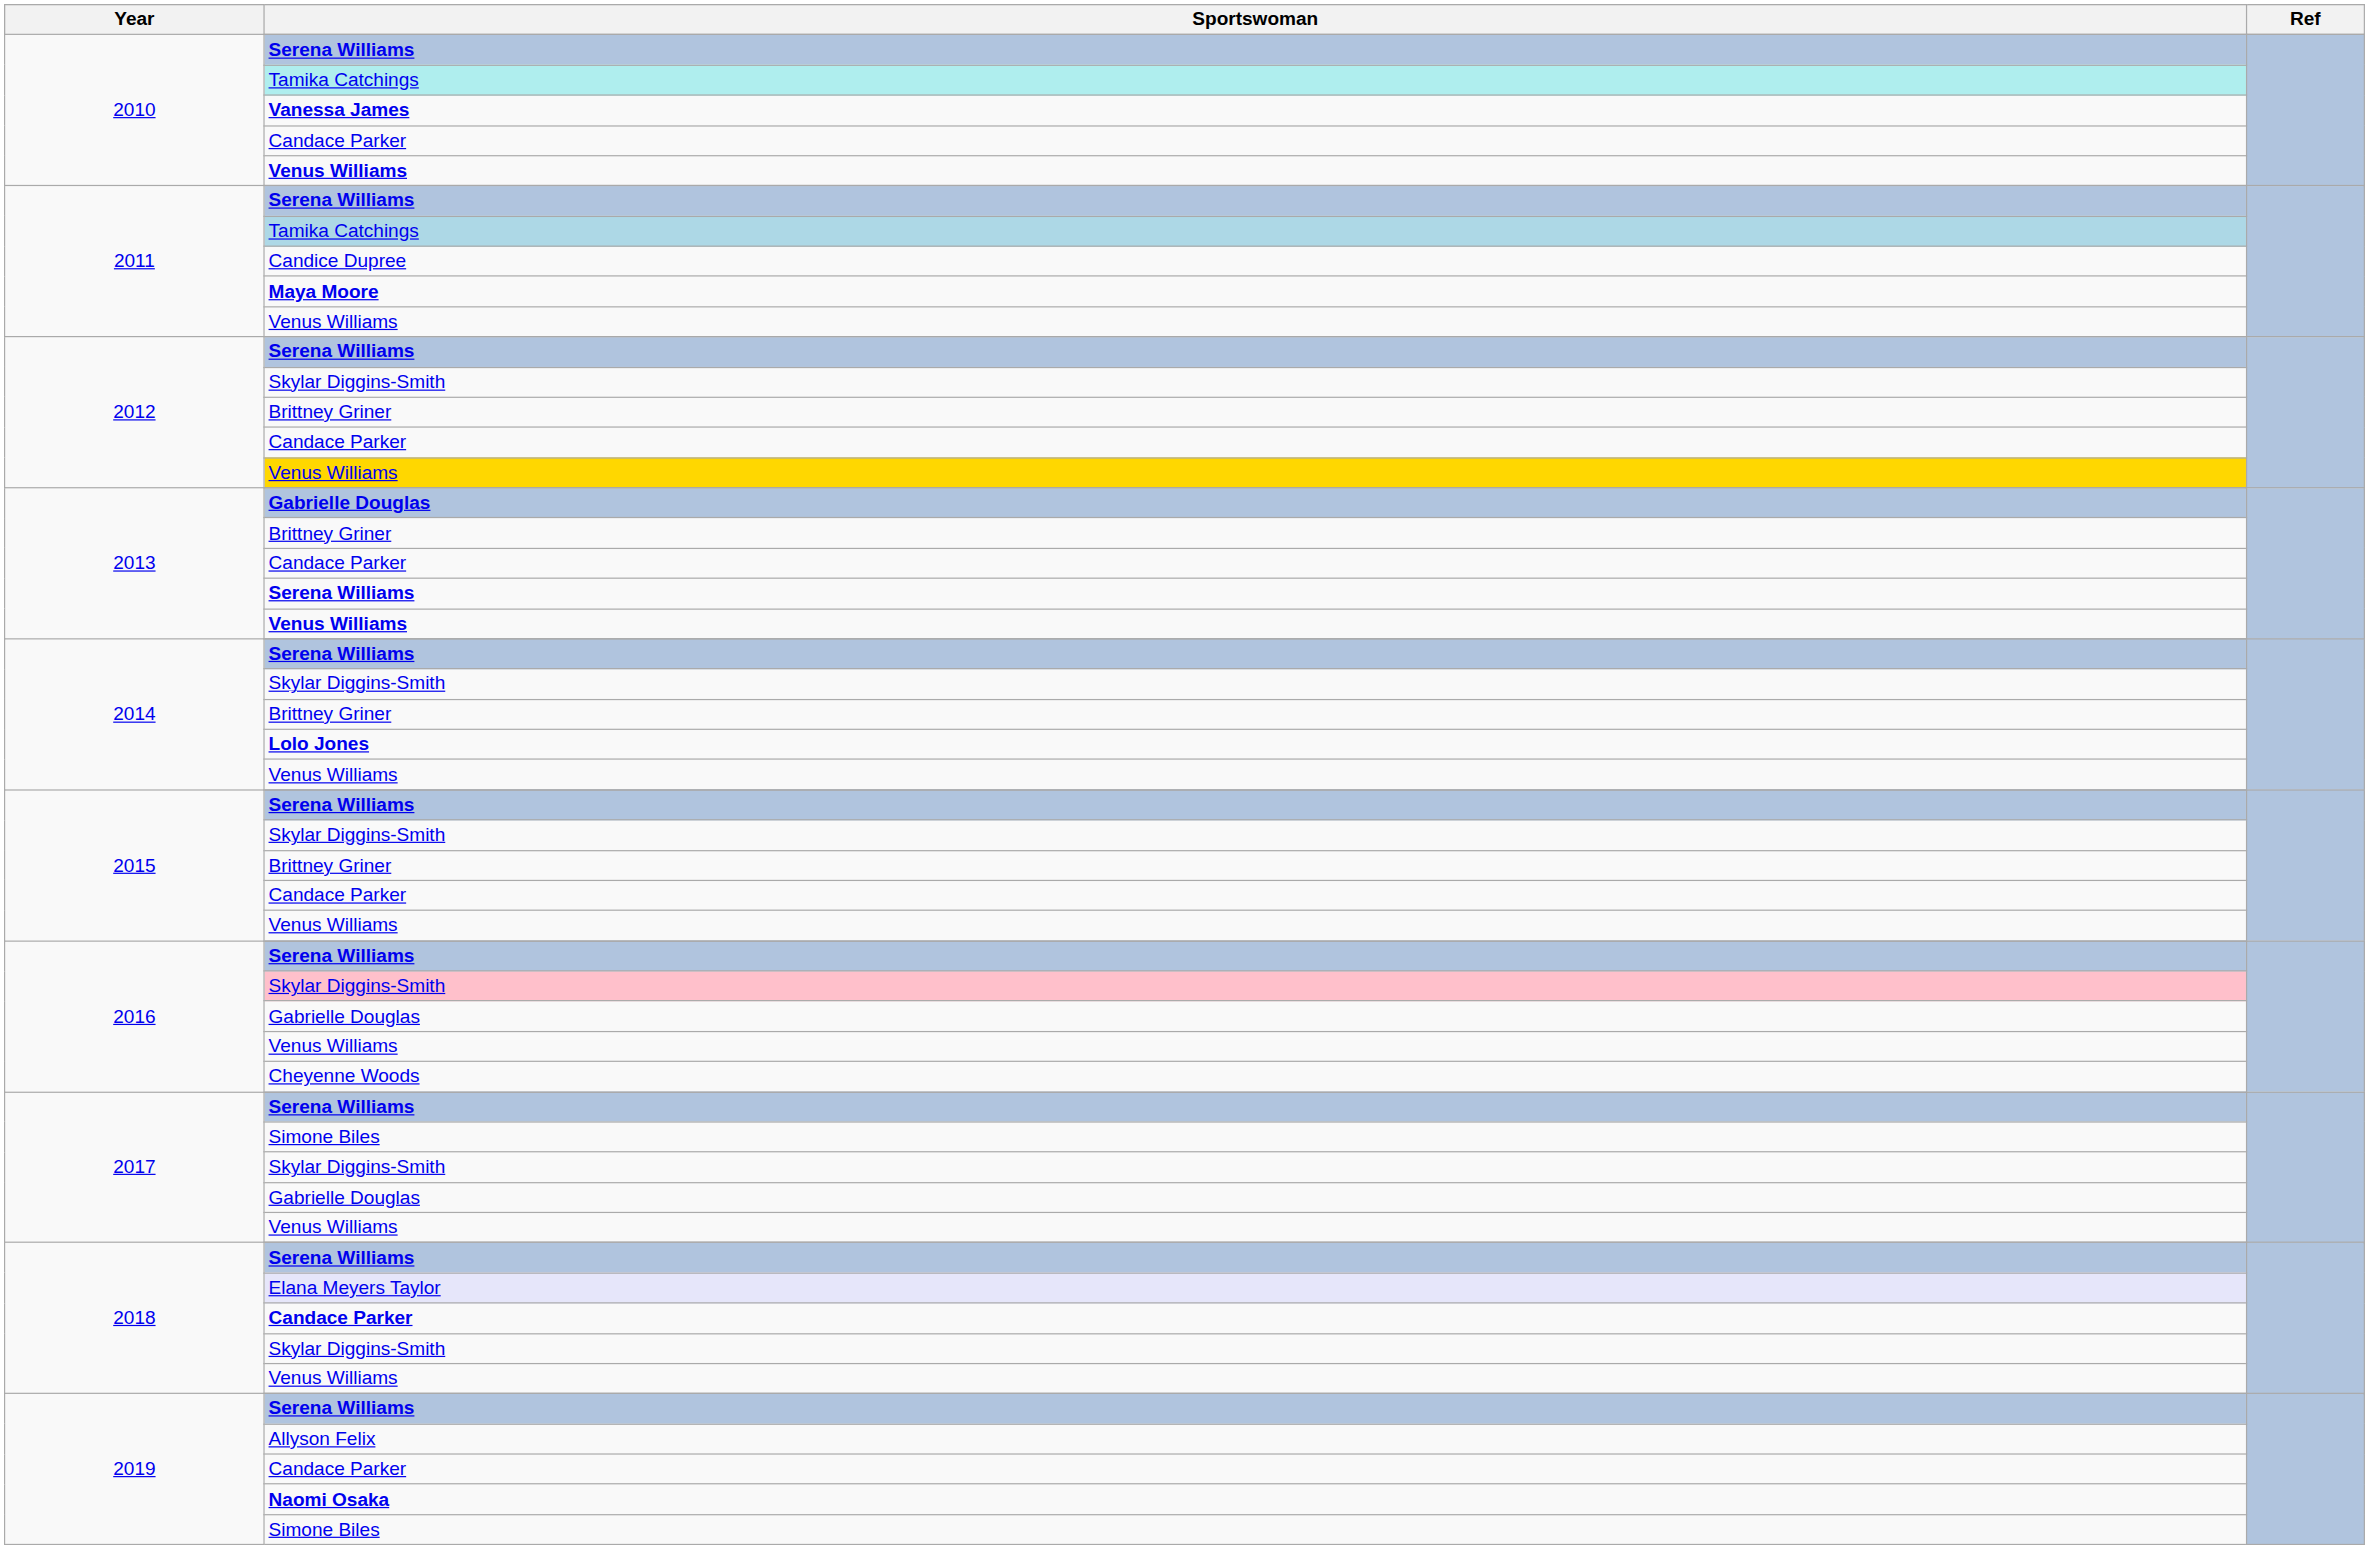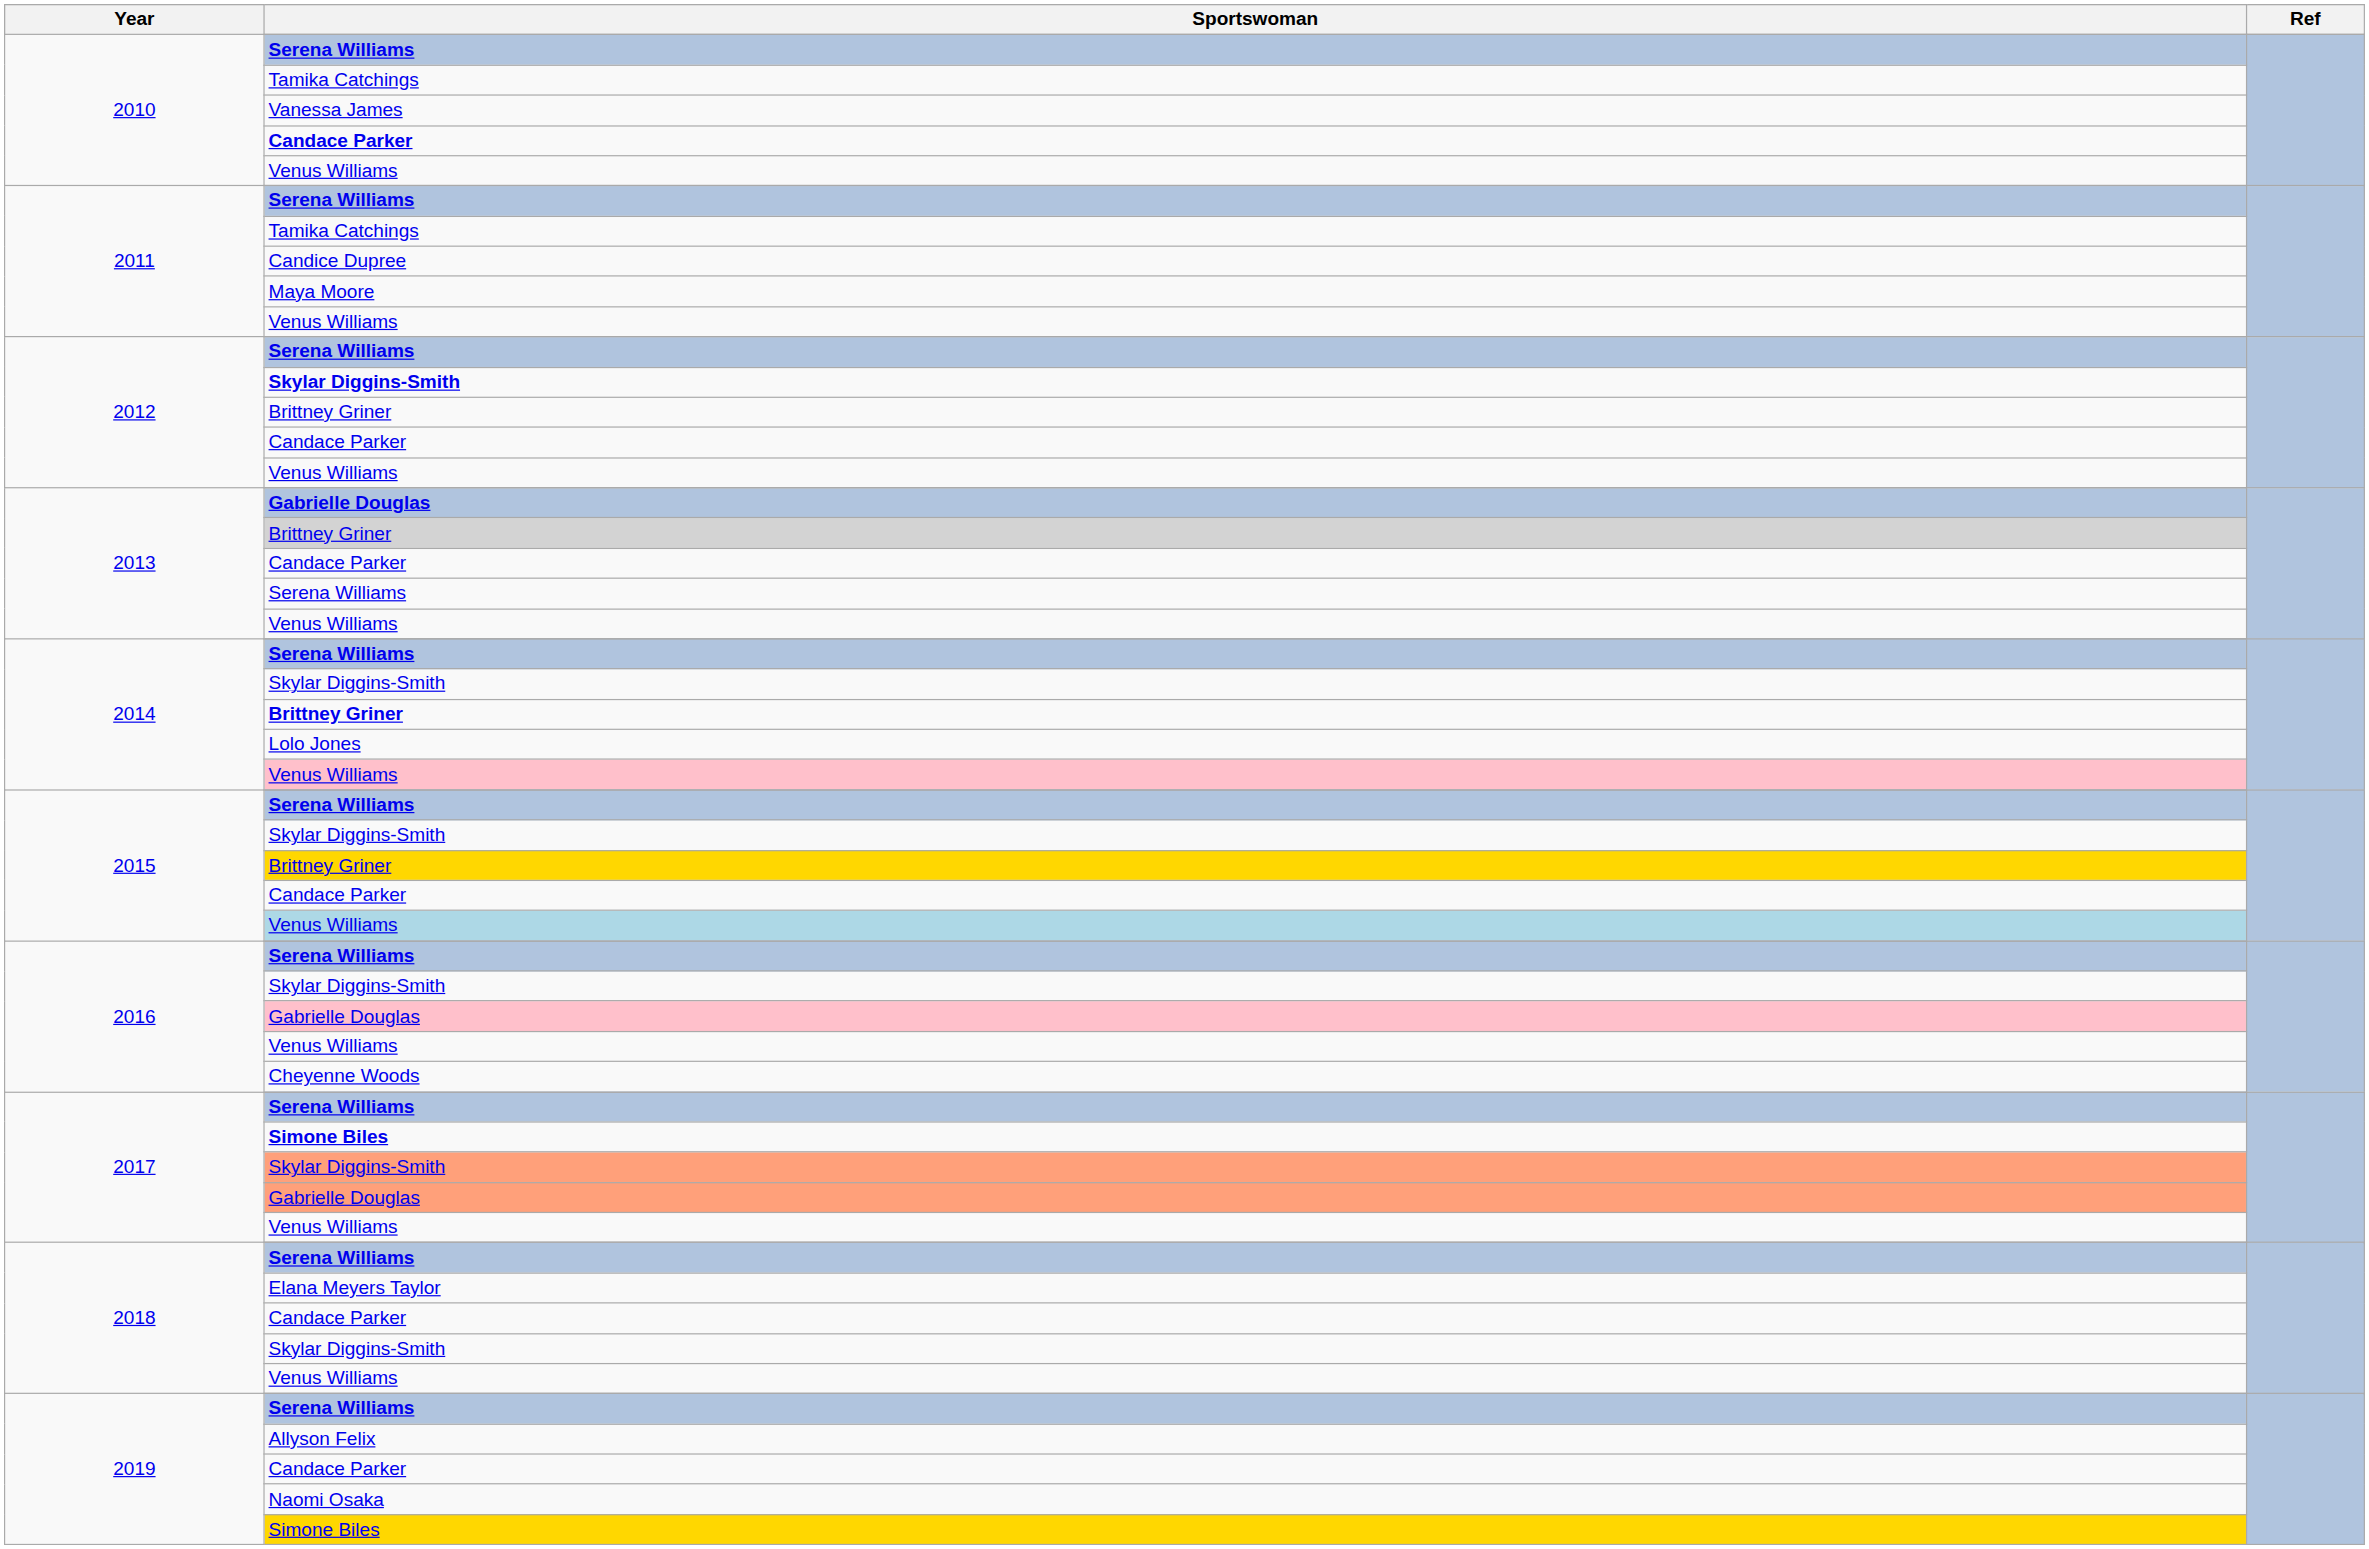 <table class="wikitable" style="width:100%;">
 <tr style="background:#bebebe;">
 <th style="width:11%;">Year</th>
 <th style="width:84%;">Sportswoman</th>
 <th style="width:5%;">Ref</th>
 </tr>
 <tr>
 <td rowspan="6" align="center"><a href='#'>2010</a></td>
 </tr>
 <tr style="background:#B0C4DE">
 <td><strong><a href='#'>Serena Williams</a></strong></td>
 <td rowspan="6" align="center"></td>
 </tr>
 <tr>
-<td style="background: paleturquoise;"><a href='#'>Tamika Catchings</a></td>
+<td><a href='#'>Tamika Catchings</a></td>
 </tr>
 <tr>
-<td><strong><a href='#'>Vanessa James</a></strong></td>
+<td><a href='#'>Vanessa James</a></td>
 </tr>
 <tr>
-<td><a href='#'>Candace Parker</a></td>
+<td><strong><a href='#'>Candace Parker</a></strong></td>
 </tr>
 <tr>
-<td><strong><a href='#'>Venus Williams</a></strong></td>
+<td><a href='#'>Venus Williams</a></td>
 </tr>
 <tr>
 <td rowspan="6" align="center"><a href='#'>2011</a></td>
 </tr>
 <tr style="background:#B0C4DE">
 <td><strong><a href='#'>Serena Williams</a></strong></td>
 <td rowspan="6" align="center"></td>
 </tr>
 <tr>
-<td style="background: lightblue;"><a href='#'>Tamika Catchings</a></td>
+<td><a href='#'>Tamika Catchings</a></td>
 </tr>
 <tr>
 <td><a href='#'>Candice Dupree</a></td>
 </tr>
 <tr>
-<td><strong><a href='#'>Maya Moore</a></strong></td>
+<td><a href='#'>Maya Moore</a></td>
 </tr>
 <tr>
 <td><a href='#'>Venus Williams</a></td>
 </tr>
 <tr>
 <td rowspan="6" align="center"><a href='#'>2012</a></td>
 </tr>
 <tr style="background:#B0C4DE">
 <td><strong><a href='#'>Serena Williams</a></strong></td>
 <td rowspan="6" align="center"></td>
 </tr>
 <tr>
-<td><a href='#'>Skylar Diggins-Smith</a></td>
+<td><strong><a href='#'>Skylar Diggins-Smith</a></strong></td>
 </tr>
 <tr>
 <td><a href='#'>Brittney Griner</a></td>
 </tr>
 <tr>
 <td><a href='#'>Candace Parker</a></td>
 </tr>
 <tr>
-<td style="background: gold;"><a href='#'>Venus Williams</a></td>
+<td><a href='#'>Venus Williams</a></td>
 </tr>
 <tr>
 <td rowspan="6" align="center"><a href='#'>2013</a></td>
 </tr>
 <tr style="background:#B0C4DE">
 <td><strong><a href='#'>Gabrielle Douglas</a></strong></td>
 <td rowspan="6" align="center"></td>
 </tr>
 <tr>
-<td><a href='#'>Brittney Griner</a></td>
+<td style="background: lightgrey;"><a href='#'>Brittney Griner</a></td>
 </tr>
 <tr>
 <td><a href='#'>Candace Parker</a></td>
 </tr>
 <tr>
-<td><strong><a href='#'>Serena Williams</a></strong></td>
+<td><a href='#'>Serena Williams</a></td>
 </tr>
 <tr>
-<td><strong><a href='#'>Venus Williams</a></strong></td>
+<td><a href='#'>Venus Williams</a></td>
 </tr>
 <tr>
 <td rowspan="6" align="center"><a href='#'>2014</a></td>
 </tr>
 <tr style="background:#B0C4DE">
 <td><strong><a href='#'>Serena Williams</a></strong></td>
 <td rowspan="6" align="center"></td>
 </tr>
 <tr>
 <td><a href='#'>Skylar Diggins-Smith</a></td>
 </tr>
 <tr>
-<td><a href='#'>Brittney Griner</a></td>
+<td><strong><a href='#'>Brittney Griner</a></strong></td>
 </tr>
 <tr>
-<td><strong><a href='#'>Lolo Jones</a></strong></td>
+<td><a href='#'>Lolo Jones</a></td>
 </tr>
 <tr>
-<td><a href='#'>Venus Williams</a></td>
+<td style="background: pink;"><a href='#'>Venus Williams</a></td>
 </tr>
 <tr>
 <td rowspan="6" align="center"><a href='#'>2015</a></td>
 </tr>
 <tr style="background:#B0C4DE">
 <td><strong><a href='#'>Serena Williams</a></strong></td>
 <td rowspan="6" align="center"></td>
 </tr>
 <tr>
 <td><a href='#'>Skylar Diggins-Smith</a></td>
 </tr>
 <tr>
-<td><a href='#'>Brittney Griner</a></td>
+<td style="background: gold;"><a href='#'>Brittney Griner</a></td>
 </tr>
 <tr>
 <td><a href='#'>Candace Parker</a></td>
 </tr>
 <tr>
-<td><a href='#'>Venus Williams</a></td>
+<td style="background: lightblue;"><a href='#'>Venus Williams</a></td>
 </tr>
 <tr>
 <td rowspan="6" align="center"><a href='#'>2016</a></td>
 </tr>
 <tr style="background:#B0C4DE">
 <td><strong><a href='#'>Serena Williams</a></strong></td>
 <td rowspan="6" align="center"></td>
 </tr>
 <tr>
-<td style="background: pink;"><a href='#'>Skylar Diggins-Smith</a></td>
+<td><a href='#'>Skylar Diggins-Smith</a></td>
 </tr>
 <tr>
-<td><a href='#'>Gabrielle Douglas</a></td>
+<td style="background: pink;"><a href='#'>Gabrielle Douglas</a></td>
 </tr>
 <tr>
 <td><a href='#'>Venus Williams</a></td>
 </tr>
 <tr>
 <td><a href='#'>Cheyenne Woods</a></td>
 </tr>
 <tr>
 <td rowspan="6" align="center"><a href='#'>2017</a></td>
 </tr>
 <tr style="background:#B0C4DE">
 <td><strong><a href='#'>Serena Williams</a></strong></td>
 <td rowspan="6" align="center"></td>
 </tr>
 <tr>
-<td><a href='#'>Simone Biles</a></td>
+<td><strong><a href='#'>Simone Biles</a></strong></td>
 </tr>
 <tr>
-<td><a href='#'>Skylar Diggins-Smith</a></td>
+<td style="background: lightsalmon;"><a href='#'>Skylar Diggins-Smith</a></td>
 </tr>
 <tr>
-<td><a href='#'>Gabrielle Douglas</a></td>
+<td style="background: lightsalmon;"><a href='#'>Gabrielle Douglas</a></td>
 </tr>
 <tr>
 <td><a href='#'>Venus Williams</a></td>
 </tr>
 <tr>
 <td rowspan="6" align="center"><a href='#'>2018</a></td>
 </tr>
 <tr style="background:#B0C4DE">
 <td><strong><a href='#'>Serena Williams</a></strong></td>
 <td rowspan="6" align="center"></td>
 </tr>
 <tr>
-<td style="background: lavender;"><a href='#'>Elana Meyers Taylor</a></td>
+<td><a href='#'>Elana Meyers Taylor</a></td>
 </tr>
 <tr>
-<td><strong><a href='#'>Candace Parker</a></strong></td>
+<td><a href='#'>Candace Parker</a></td>
 </tr>
 <tr>
 <td><a href='#'>Skylar Diggins-Smith</a></td>
 </tr>
 <tr>
 <td><a href='#'>Venus Williams</a></td>
 </tr>
 <tr>
 <td rowspan="6" align="center"><a href='#'>2019</a></td>
 </tr>
 <tr style="background:#B0C4DE">
 <td><strong><a href='#'>Serena Williams</a></strong></td>
 <td rowspan="6" align="center"></td>
 </tr>
 <tr>
 <td><a href='#'>Allyson Felix</a></td>
 </tr>
 <tr>
 <td><a href='#'>Candace Parker</a></td>
 </tr>
 <tr>
-<td><strong><a href='#'>Naomi Osaka</a></strong></td>
+<td><a href='#'>Naomi Osaka</a></td>
 </tr>
 <tr>
-<td><a href='#'>Simone Biles</a></td>
+<td style="background: gold;"><a href='#'>Simone Biles</a></td>
 </tr>
 </table>
